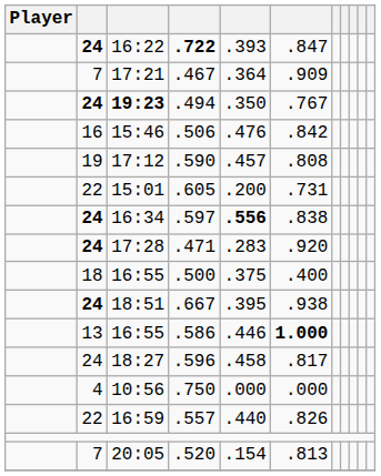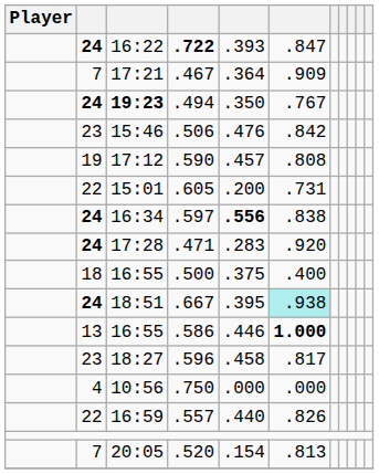 <table class="wikitable sortable" style="font-size:95%; text-align:right;">
 <tr>
 <th>Player</th>
 <th></th>
 <th></th>
 <th></th>
 <th></th>
 <th></th>
 <th></th>
 <th></th>
 <th></th>
 <th></th>
 <th></th>
 </tr>
 <tr>
 <td><strong></strong></td>
 <td><strong>24</strong></td>
 <td>16:22</td>
 <td><strong>.722</strong></td>
 <td>.393</td>
 <td>.847</td>
 <td></td>
 <td></td>
 <td></td>
 <td></td>
 <td></td>
 </tr>
 <tr>
 <td><strong></strong></td>
 <td>7</td>
 <td>17:21</td>
 <td>.467</td>
 <td>.364</td>
 <td>.909</td>
 <td></td>
 <td></td>
 <td></td>
 <td></td>
 <td></td>
 </tr>
 <tr>
 <td><strong></strong></td>
 <td><strong>24</strong></td>
 <td><strong>19:23</strong></td>
 <td>.494</td>
 <td>.350</td>
 <td>.767</td>
 <td></td>
 <td></td>
 <td><strong></strong></td>
 <td></td>
 <td></td>
 </tr>
 <tr>
 <td><strong></strong></td>
-<td>16</td>
+<td>23</td>
 <td>15:46</td>
 <td>.506</td>
 <td>.476</td>
 <td>.842</td>
 <td><strong></strong></td>
 <td></td>
 <td></td>
 <td></td>
 <td></td>
 </tr>
 <tr>
 <td><strong></strong></td>
 <td>19</td>
 <td>17:12</td>
 <td>.590</td>
 <td>.457</td>
 <td>.808</td>
 <td></td>
 <td></td>
 <td></td>
 <td></td>
 <td></td>
 </tr>
 <tr>
 <td><strong></strong></td>
 <td>22</td>
 <td>15:01</td>
 <td>.605</td>
 <td>.200</td>
 <td>.731</td>
 <td></td>
 <td></td>
 <td></td>
 <td></td>
 <td></td>
 </tr>
 <tr>
 <td><strong></strong></td>
 <td><strong>24</strong></td>
 <td>16:34</td>
 <td>.597</td>
 <td><strong>.556</strong></td>
 <td>.838</td>
 <td></td>
 <td></td>
 <td></td>
 <td><strong></strong></td>
 <td><strong></strong></td>
 </tr>
 <tr>
 <td><strong></strong></td>
 <td><strong>24</strong></td>
 <td>17:28</td>
 <td>.471</td>
 <td>.283</td>
 <td>.920</td>
 <td></td>
 <td></td>
 <td></td>
 <td></td>
 <td></td>
 </tr>
 <tr>
 <td><strong></strong></td>
 <td>18</td>
 <td>16:55</td>
 <td>.500</td>
 <td>.375</td>
 <td>.400</td>
 <td></td>
 <td></td>
 <td></td>
 <td></td>
 <td></td>
 </tr>
 <tr>
 <td><strong></strong></td>
 <td><strong>24</strong></td>
 <td>18:51</td>
 <td>.667</td>
 <td>.395</td>
-<td>.938</td>
+<td style="background: paleturquoise;">.938</td>
 <td></td>
 <td></td>
 <td></td>
 <td></td>
 <td></td>
 </tr>
 <tr>
 <td><strong></strong></td>
 <td>13</td>
 <td>16:55</td>
 <td>.586</td>
 <td>.446</td>
 <td><strong>1.000</strong></td>
 <td></td>
 <td></td>
 <td></td>
 <td></td>
 <td></td>
 </tr>
 <tr>
 <td><strong></strong></td>
-<td>24</td>
+<td>23</td>
 <td>18:27</td>
 <td>.596</td>
 <td>.458</td>
 <td>.817</td>
 <td></td>
 <td></td>
 <td></td>
 <td></td>
 <td></td>
 </tr>
 <tr>
 <td><strong></strong></td>
 <td>4</td>
 <td>10:56</td>
 <td>.750</td>
 <td>.000</td>
 <td>.000</td>
 <td></td>
 <td></td>
 <td></td>
 <td></td>
 <td></td>
 </tr>
 <tr>
 <td><strong></strong></td>
 <td>22</td>
 <td>16:59</td>
 <td>.557</td>
 <td>.440</td>
 <td>.826</td>
 <td></td>
 <td><strong></strong></td>
 <td></td>
 <td></td>
 <td></td>
 </tr>
 <tr class="sortbottom">
 <td colspan=13></td>
 </tr>
 <tr>
 <td><em></em></td>
 <td>7</td>
 <td>20:05</td>
 <td>.520</td>
 <td>.154</td>
 <td>.813</td>
 <td></td>
 <td></td>
 <td></td>
 <td></td>
 <td></td>
 </tr>
 <tr>
 </tr>
 </table>
